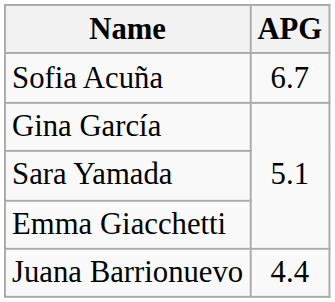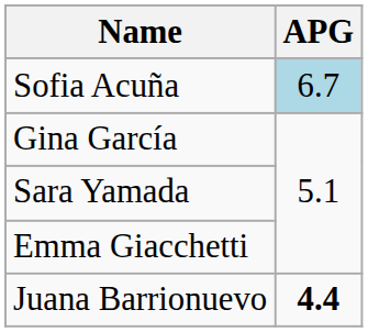 <table class="wikitable">
 <tr>
 <th>Name</th>
 <th>APG</th>
 </tr>
 <tr>
 <td> Sofia Acuña</td>
-<td align=center>6.7</td>
+<td align=center style="background: lightblue;">6.7</td>
 </tr>
 <tr>
 <td> Gina García</td>
 <td align=center rowspan=3>5.1</td>
 </tr>
 <tr>
 <td> Sara Yamada</td>
 </tr>
 <tr>
 <td> Emma Giacchetti</td>
 </tr>
 <tr>
 <td> Juana Barrionuevo</td>
-<td align=center>4.4</td>
+<td align=center><strong>4.4</strong></td>
 </tr>
 </table>
